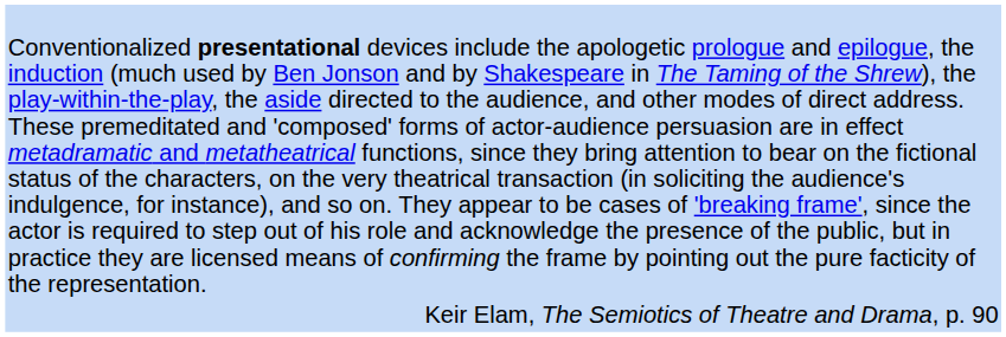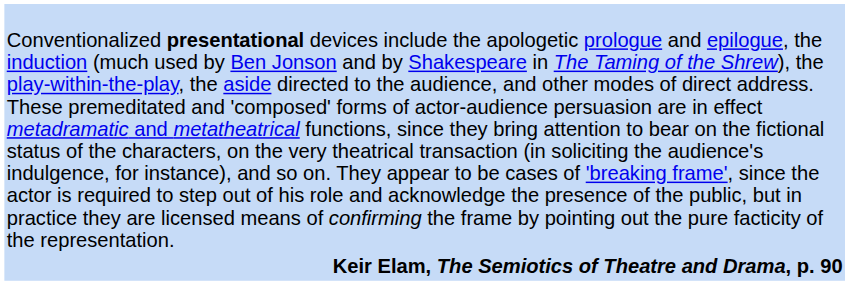 <table class="toccolours" style="float: right; margin-left: 1em; margin-right: 1em; font-size: 85%; background:#c6dbf7; color:black; width:45em; max-width: 45%;" cellspacing="1">
 <tr>
 <td style="text-align: left;"><br>Conventionalized <strong>presentational</strong> devices include the apologetic <a href='#'>prologue</a> and <a href='#'>epilogue</a>, the <a href='#'>induction</a> (much used by <a href='#'>Ben Jonson</a> and by <a href='#'>Shakespeare</a> in <em><a href='#'>The Taming of the Shrew</a></em>), the <a href='#'>play-within-the-play</a>, the <a href='#'>aside</a> directed to the audience, and other modes of direct address. These premeditated and 'composed' forms of actor-audience persuasion are in effect <a href='#'><em>metadramatic</em> and <em>metatheatrical</em></a> functions, since they bring attention to bear on the fictional status of the characters, on the very theatrical transaction (in soliciting the audience's indulgence, for instance), and so on. They appear to be cases of <a href='#'>'breaking frame'</a>, since the actor is required to step out of his role and acknowledge the presence of the public, but in practice they are licensed means of <em>confirming</em> the frame by pointing out the pure facticity of the representation.</td>
 </tr>
 <tr>
-<td style="text-align: right;">Keir Elam, <em>The Semiotics of Theatre and Drama</em>, p. 90</td>
+<td style="text-align: right;"><strong>Keir Elam, <em>The Semiotics of Theatre and Drama</em>, p. 90</strong></td>
 </tr>
 </table>
